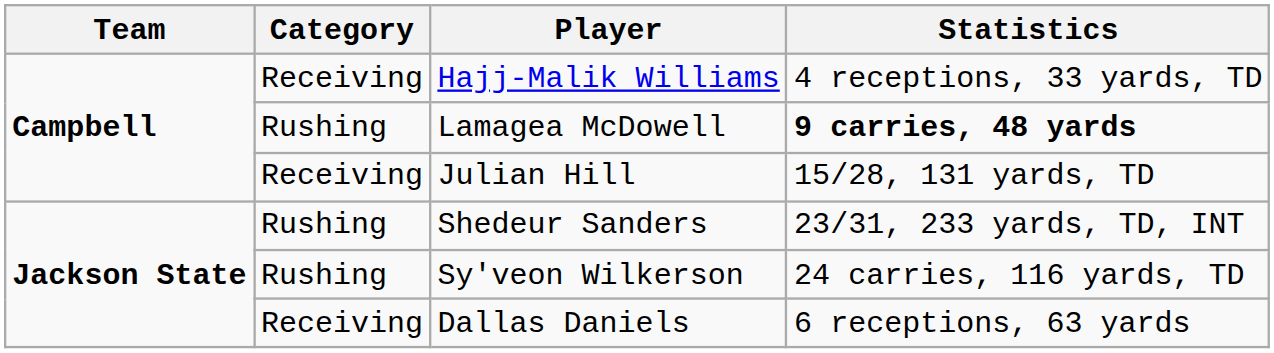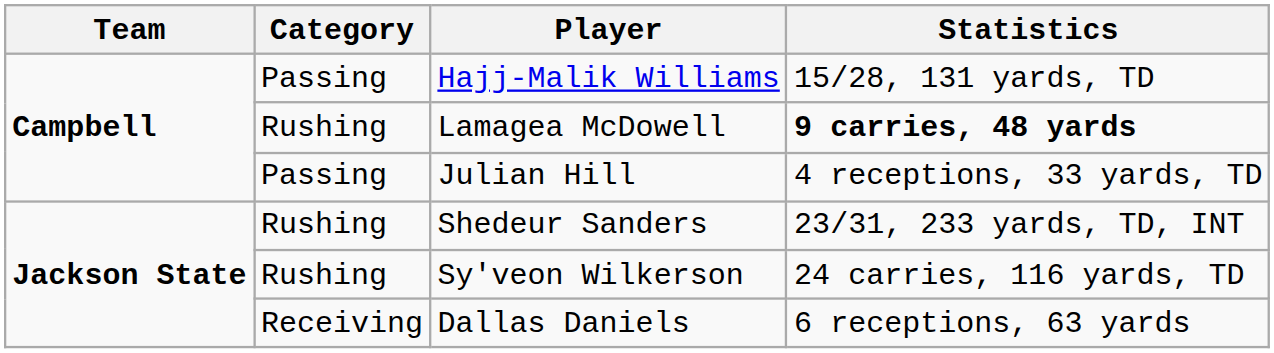 <table class="wikitable" style="float: left;">
 <tr>
 <th>Team</th>
 <th>Category</th>
 <th>Player</th>
 <th>Statistics</th>
 </tr>
 <tr>
 <td rowspan=3><strong>Campbell</strong></td>
-<td>Receiving</td>
+<td>Passing</td>
 <td><a href='#'>Hajj-Malik Williams</a></td>
-<td>4 receptions, 33 yards, TD</td>
+<td>15/28, 131 yards, TD</td>
 </tr>
 <tr>
 <td>Rushing</td>
 <td>Lamagea McDowell</td>
 <td><strong>9 carries, 48 yards</strong></td>
 </tr>
 <tr>
-<td>Receiving</td>
+<td>Passing</td>
 <td>Julian Hill</td>
-<td>15/28, 131 yards, TD</td>
+<td>4 receptions, 33 yards, TD</td>
 </tr>
 <tr>
 <td rowspan=3><strong>Jackson State</strong></td>
 <td>Rushing</td>
 <td>Shedeur Sanders</td>
 <td>23/31, 233 yards, TD, INT</td>
 </tr>
 <tr>
 <td>Rushing</td>
 <td>Sy'veon Wilkerson</td>
 <td>24 carries, 116 yards, TD</td>
 </tr>
 <tr>
 <td>Receiving</td>
 <td>Dallas Daniels</td>
 <td>6 receptions, 63 yards</td>
 </tr>
 </table>
